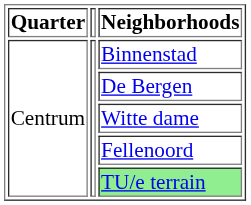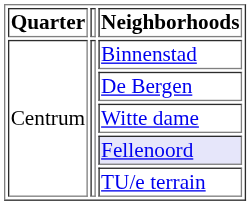 <table border=1>
 <tr>
 <th>Quarter</th>
 <th></th>
 <th>Neighborhoods</th>
 </tr>
 <tr>
 <td rowspan=5>Centrum</td>
 <td rowspan=5></td>
 <td><a href='#'>Binnenstad</a></td>
 </tr>
 <tr>
 <td><a href='#'>De Bergen</a></td>
 </tr>
 <tr>
 <td><a href='#'>Witte dame</a></td>
 </tr>
 <tr>
-<td><a href='#'>Fellenoord</a></td>
+<td style="background: lavender;"><a href='#'>Fellenoord</a></td>
 </tr>
 <tr>
-<td style="background: lightgreen;"><a href='#'>TU/e terrain</a></td>
+<td><a href='#'>TU/e terrain</a></td>
 </tr>
 </table>
